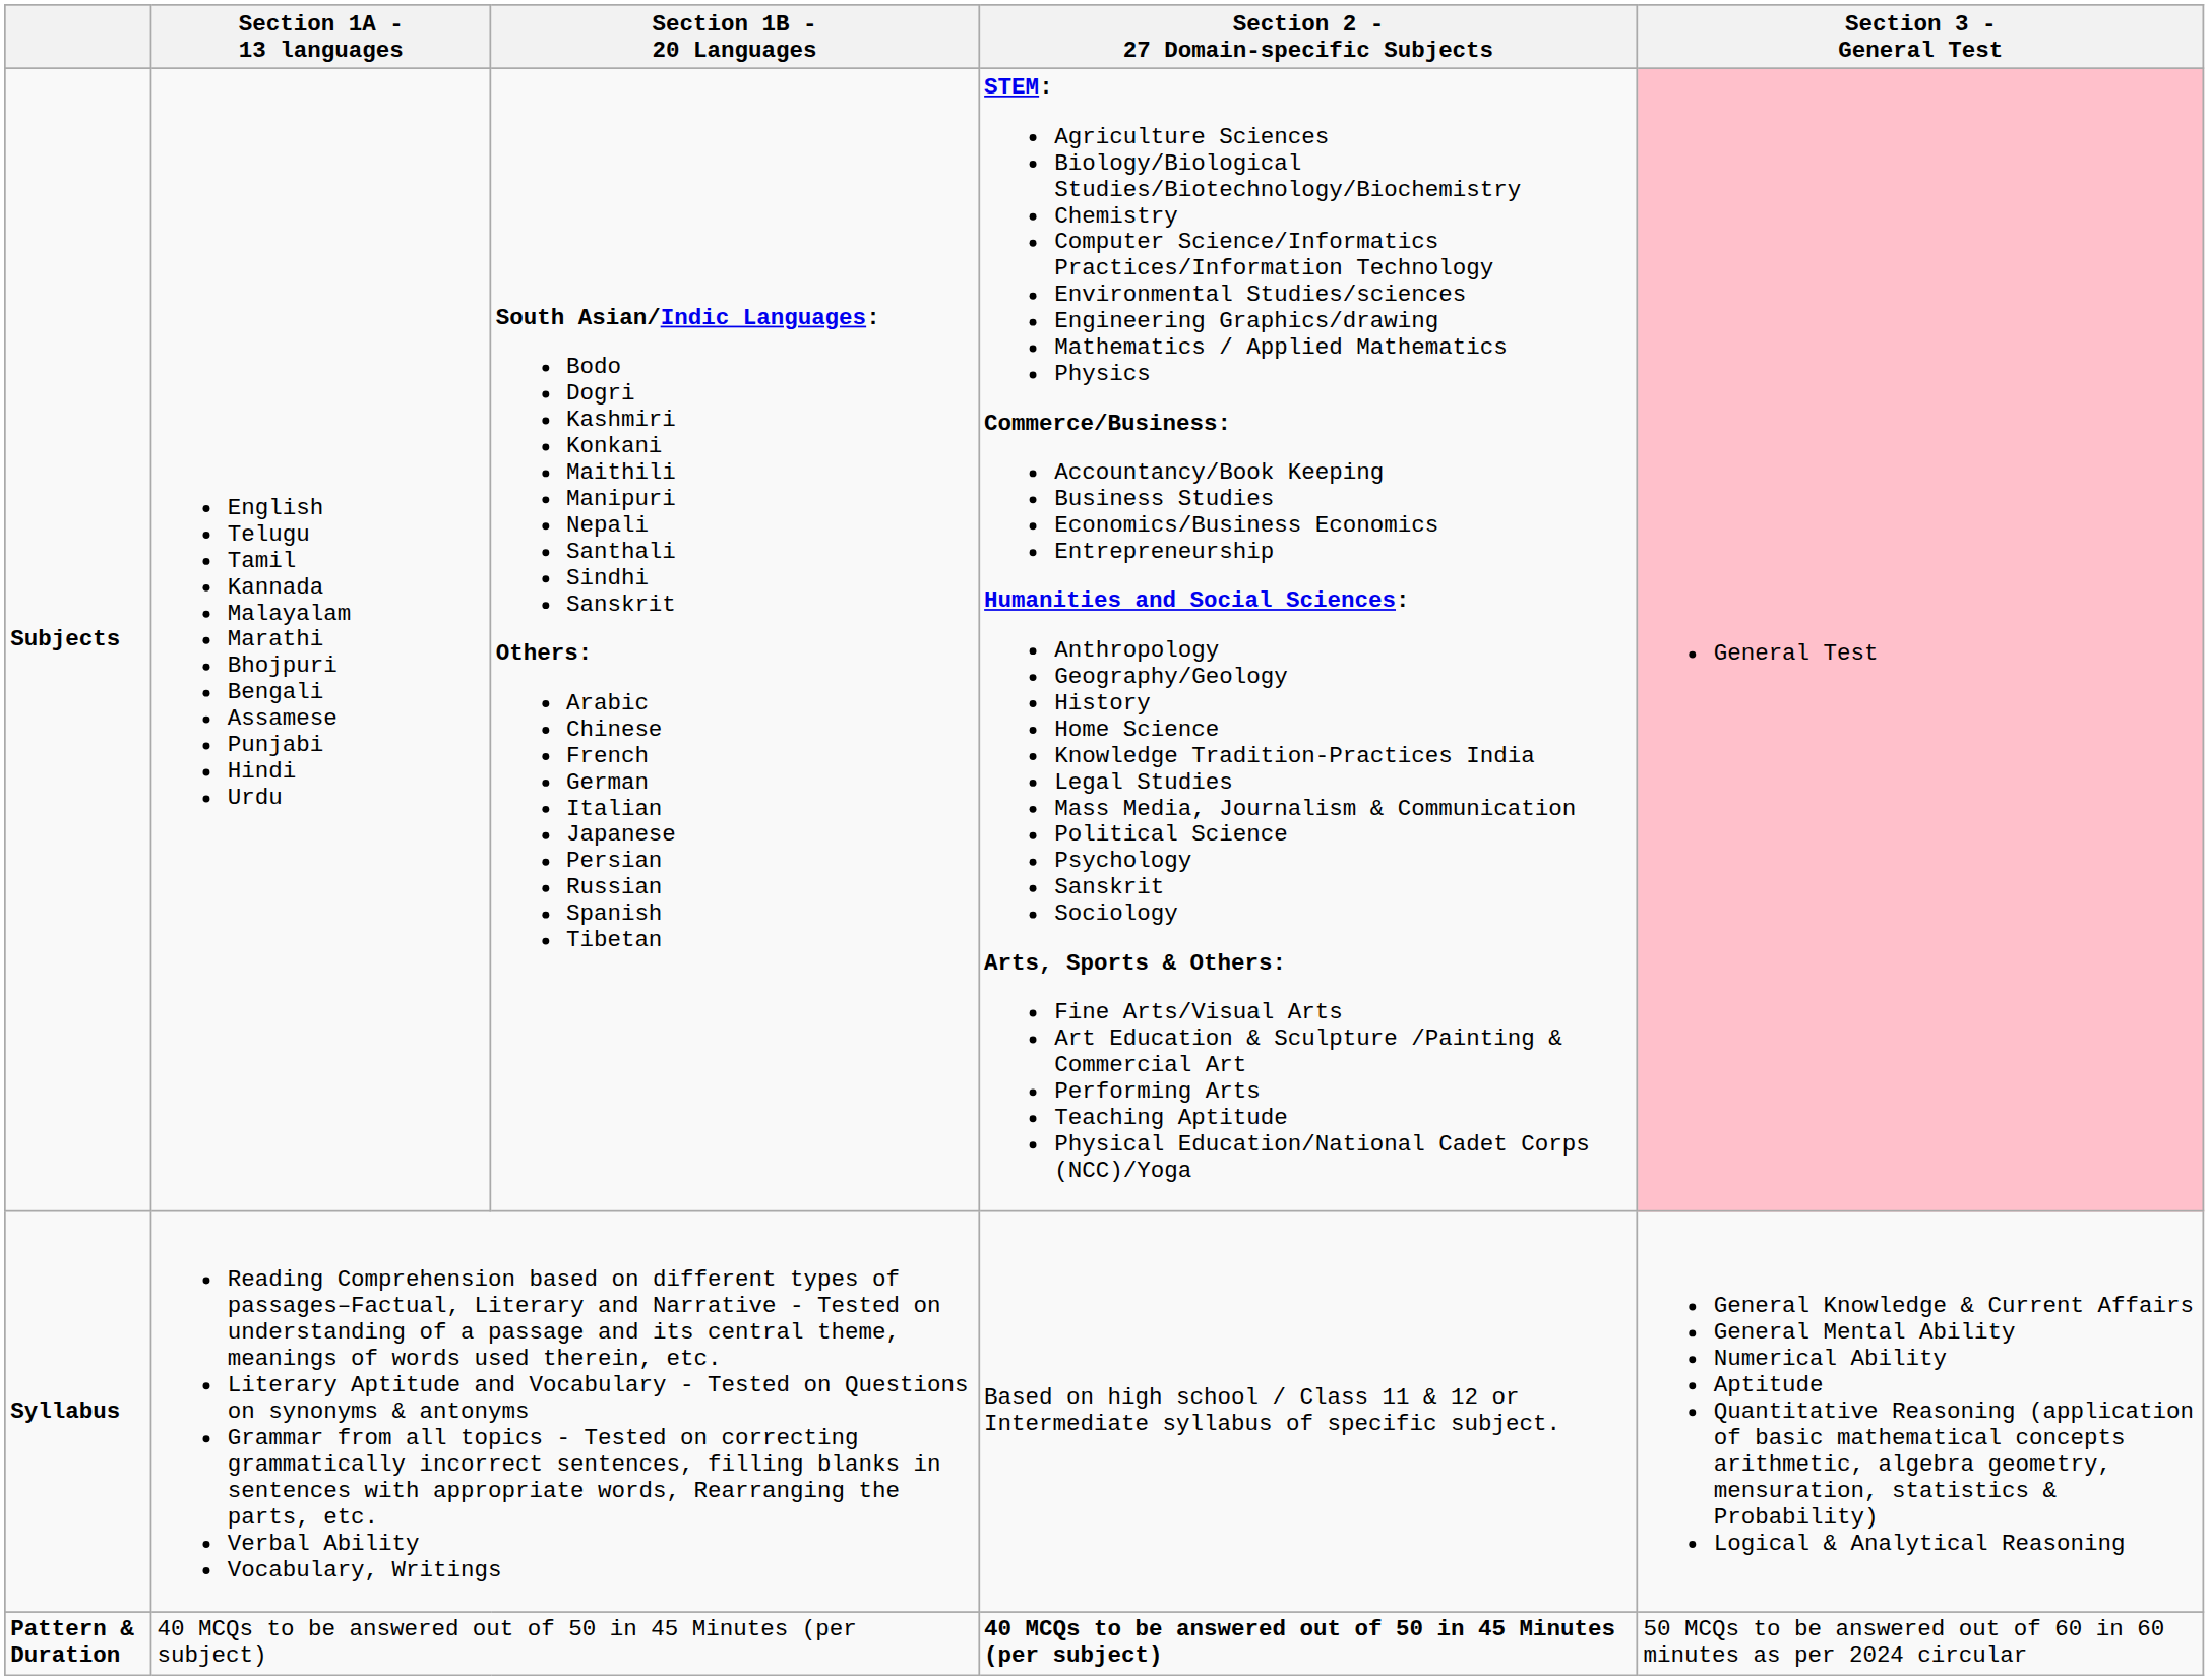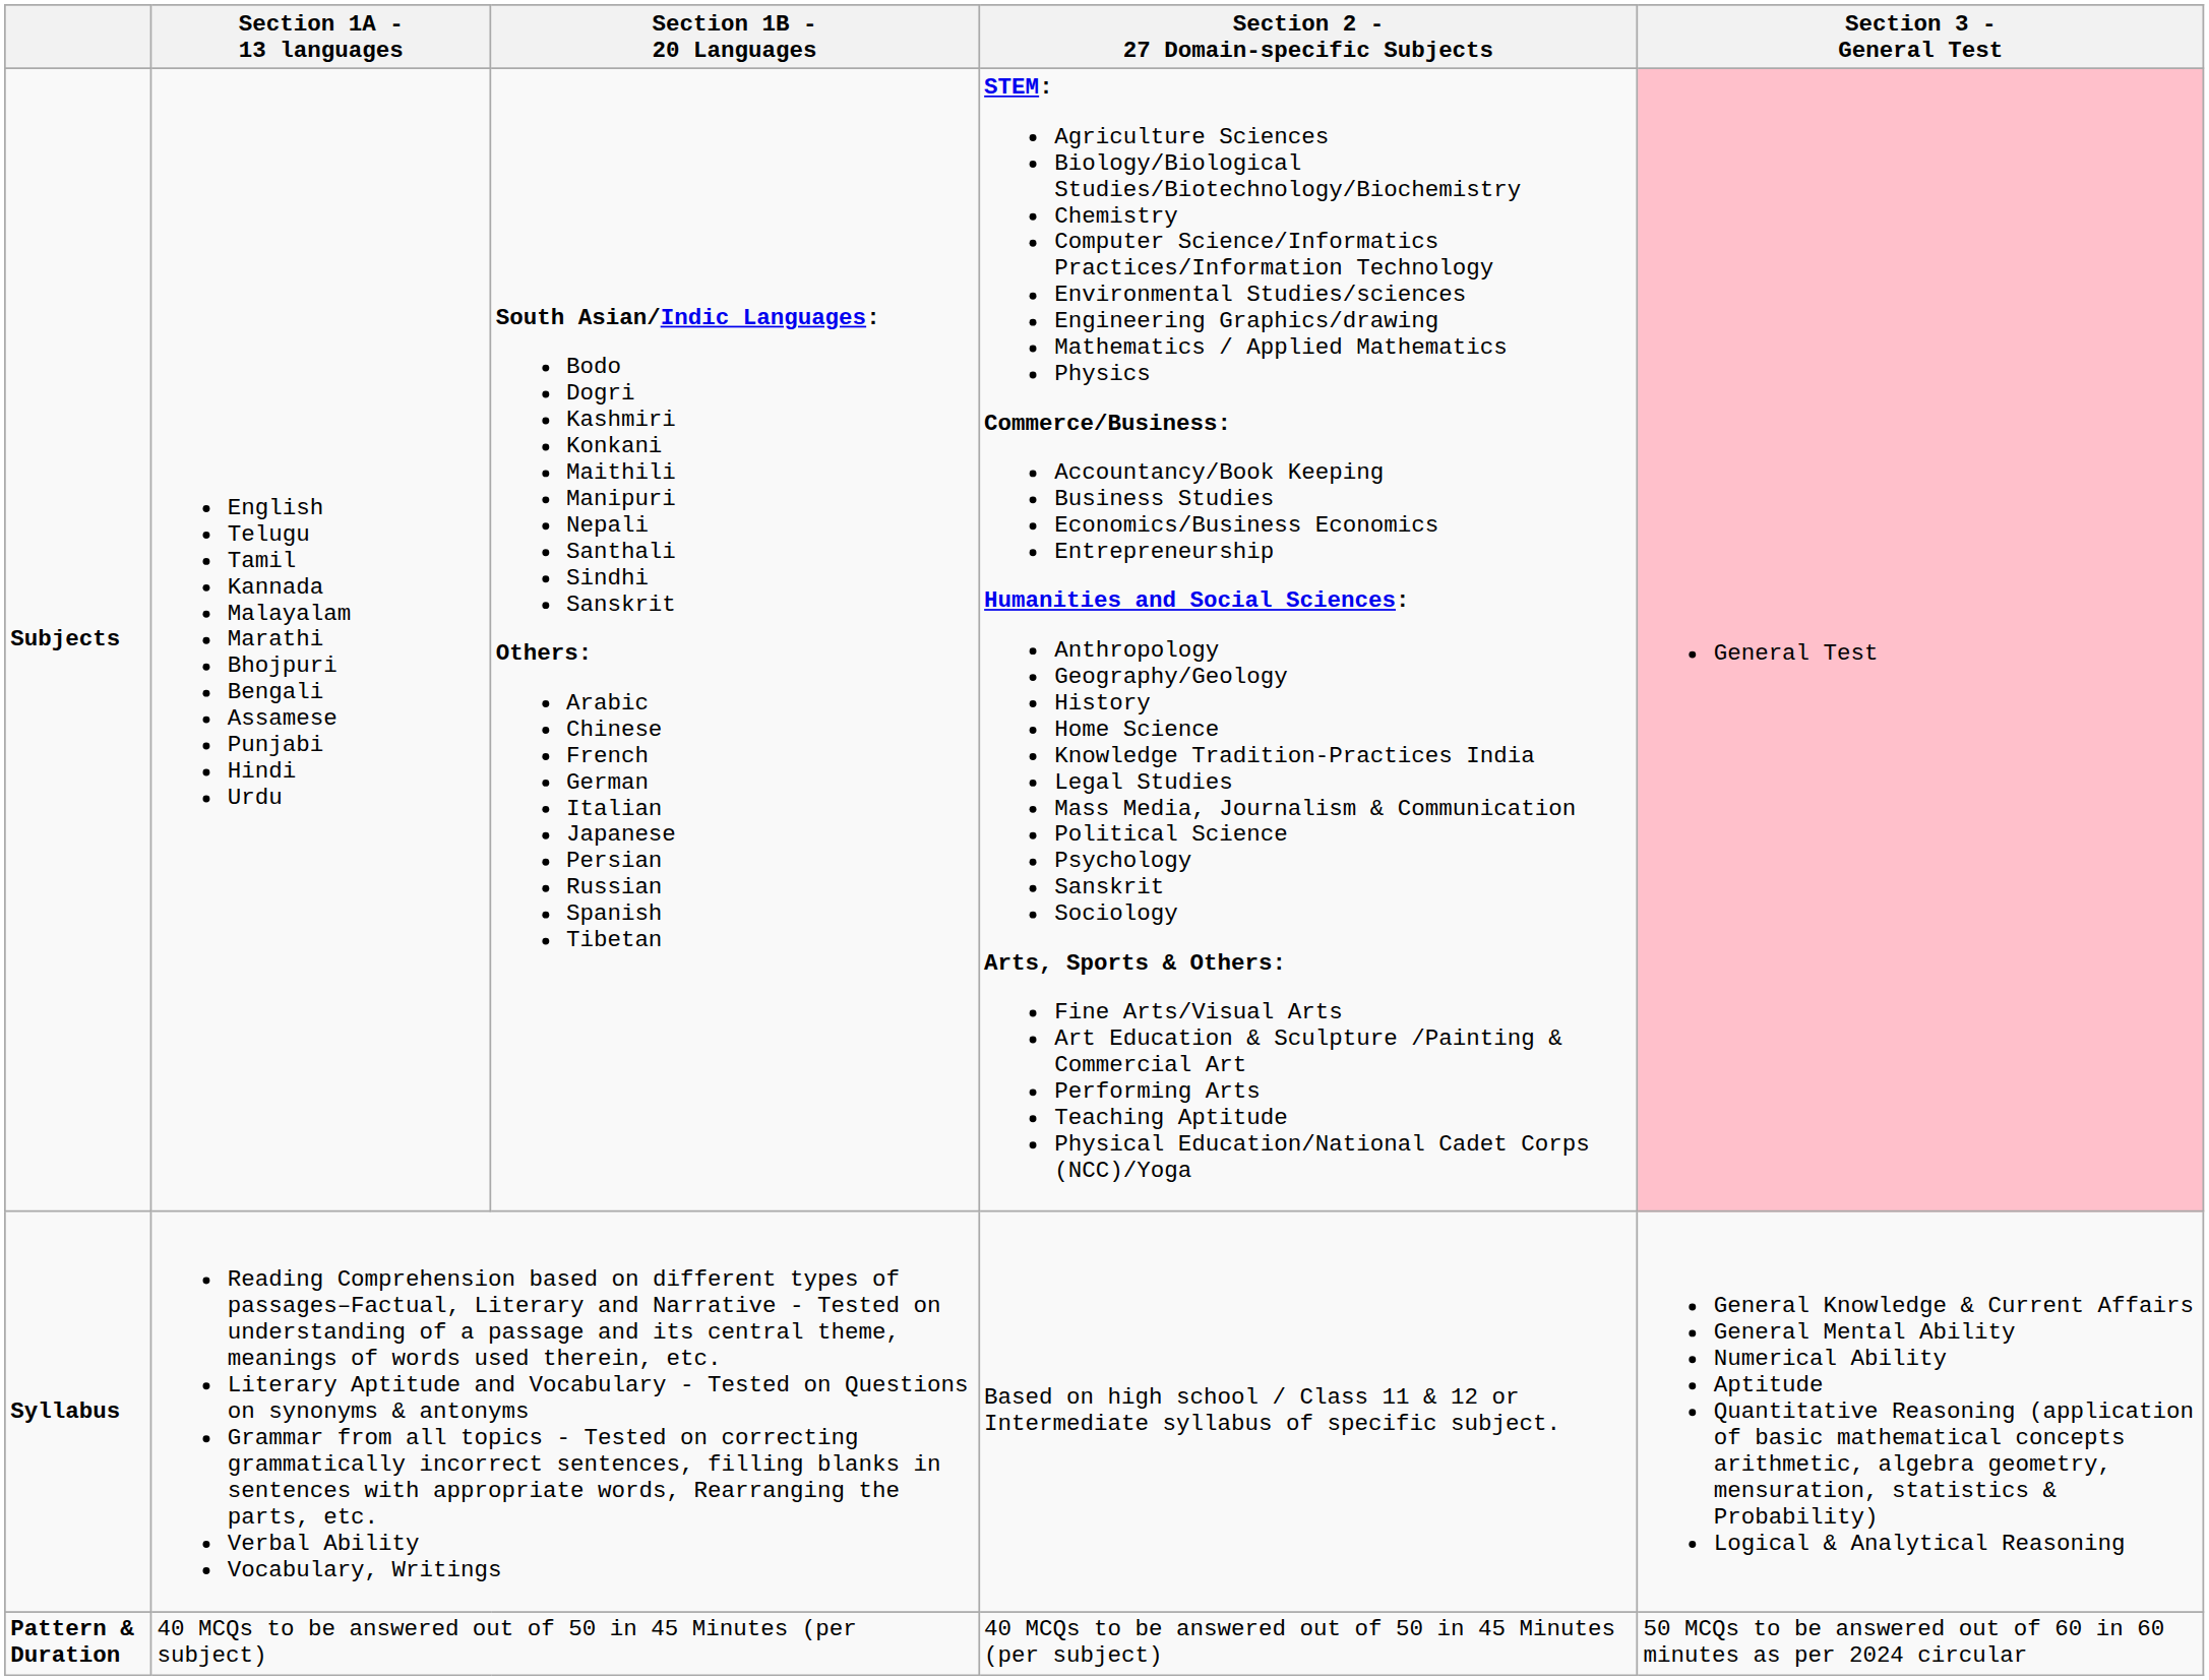 <table class="wikitable">
 <tr>
 <th></th>
 <th>Section 1A -<br>13 languages</th>
 <th>Section 1B -<br>20 Languages</th>
 <th>Section 2 -<br>27 Domain-specific Subjects</th>
 <th>Section 3 -<br>General Test</th>
 </tr>
 <tr>
 <td><strong>Subjects</strong></td>
 <td><br><ul><li>English</li><li>Telugu</li><li>Tamil</li><li>Kannada</li><li>Malayalam</li><li>Marathi</li><li>Bhojpuri</li><li>Bengali</li><li>Assamese</li><li>Punjabi</li><li>Hindi</li><li>Urdu</li></ul></td>
 <td><strong>South Asian/<a href='#'>Indic Languages</a>:</strong><br><ul><li>Bodo</li><li>Dogri</li><li>Kashmiri</li><li>Konkani</li><li>Maithili</li><li>Manipuri</li><li>Nepali</li><li>Santhali</li><li>Sindhi</li><li>Sanskrit</li></ul><strong>Others:</strong><ul><li>Arabic</li><li>Chinese</li><li>French</li><li>German</li><li>Italian</li><li>Japanese</li><li>Persian</li><li>Russian</li><li>Spanish</li><li>Tibetan</li></ul></td>
 <td><strong><a href='#'>STEM</a>:</strong><br><ul><li>Agriculture Sciences</li><li>Biology/Biological Studies/Biotechnology/Biochemistry</li><li>Chemistry</li><li>Computer Science/Informatics Practices/Information Technology</li><li>Environmental Studies/sciences</li><li>Engineering Graphics/drawing</li><li>Mathematics / Applied Mathematics</li><li>Physics</li></ul><strong>Commerce/Business:</strong><ul><li>Accountancy/Book Keeping</li><li>Business Studies</li><li>Economics/Business Economics</li><li>Entrepreneurship</li></ul><strong><a href='#'>Humanities and Social Sciences</a>:</strong><ul><li>Anthropology</li><li>Geography/Geology</li><li>History</li><li>Home Science</li><li>Knowledge Tradition-Practices India</li><li>Legal Studies</li><li>Mass Media, Journalism & Communication</li><li>Political Science</li><li>Psychology</li><li>Sanskrit</li><li>Sociology</li></ul><strong>Arts, Sports & Others:</strong><ul><li>Fine Arts/Visual Arts</li><li>Art Education & Sculpture /Painting & Commercial Art</li><li>Performing Arts</li><li>Teaching Aptitude</li><li>Physical Education/National Cadet Corps (NCC)/Yoga</li></ul></td>
 <td style="background: pink;"><br><ul><li>General Test</li></ul></td>
 </tr>
 <tr>
 <td><strong>Syllabus</strong></td>
 <td colspan="2"><br><ul><li>Reading Comprehension based on different types of passages–Factual, Literary and Narrative - Tested on understanding of a passage and its central theme, meanings of words used therein, etc.</li><li>Literary Aptitude and Vocabulary - Tested on Questions on synonyms & antonyms</li><li>Grammar from all topics - Tested on correcting grammatically incorrect sentences, filling blanks in sentences with appropriate words, Rearranging the parts, etc.</li><li>Verbal Ability</li><li>Vocabulary, Writings</li></ul></td>
 <td>Based on high school / Class 11 & 12 or Intermediate syllabus of specific subject.</td>
 <td><br><ul><li>General Knowledge & Current Affairs</li><li>General Mental Ability</li><li>Numerical Ability</li><li>Aptitude</li><li>Quantitative Reasoning (application of basic mathematical concepts arithmetic, algebra geometry, mensuration, statistics & Probability)</li><li>Logical & Analytical Reasoning</li></ul></td>
 </tr>
 <tr>
 <td><strong>Pattern & Duration</strong></td>
 <td colspan="2">40 MCQs to be answered out of 50 in 45 Minutes (per subject)</td>
-<td><strong>40 MCQs to be answered out of 50 in 45 Minutes (per subject)</strong></td>
+<td>40 MCQs to be answered out of 50 in 45 Minutes (per subject)</td>
 <td>50 MCQs to be answered out of 60 in 60 minutes as per 2024 circular</td>
 </tr>
 </table>
